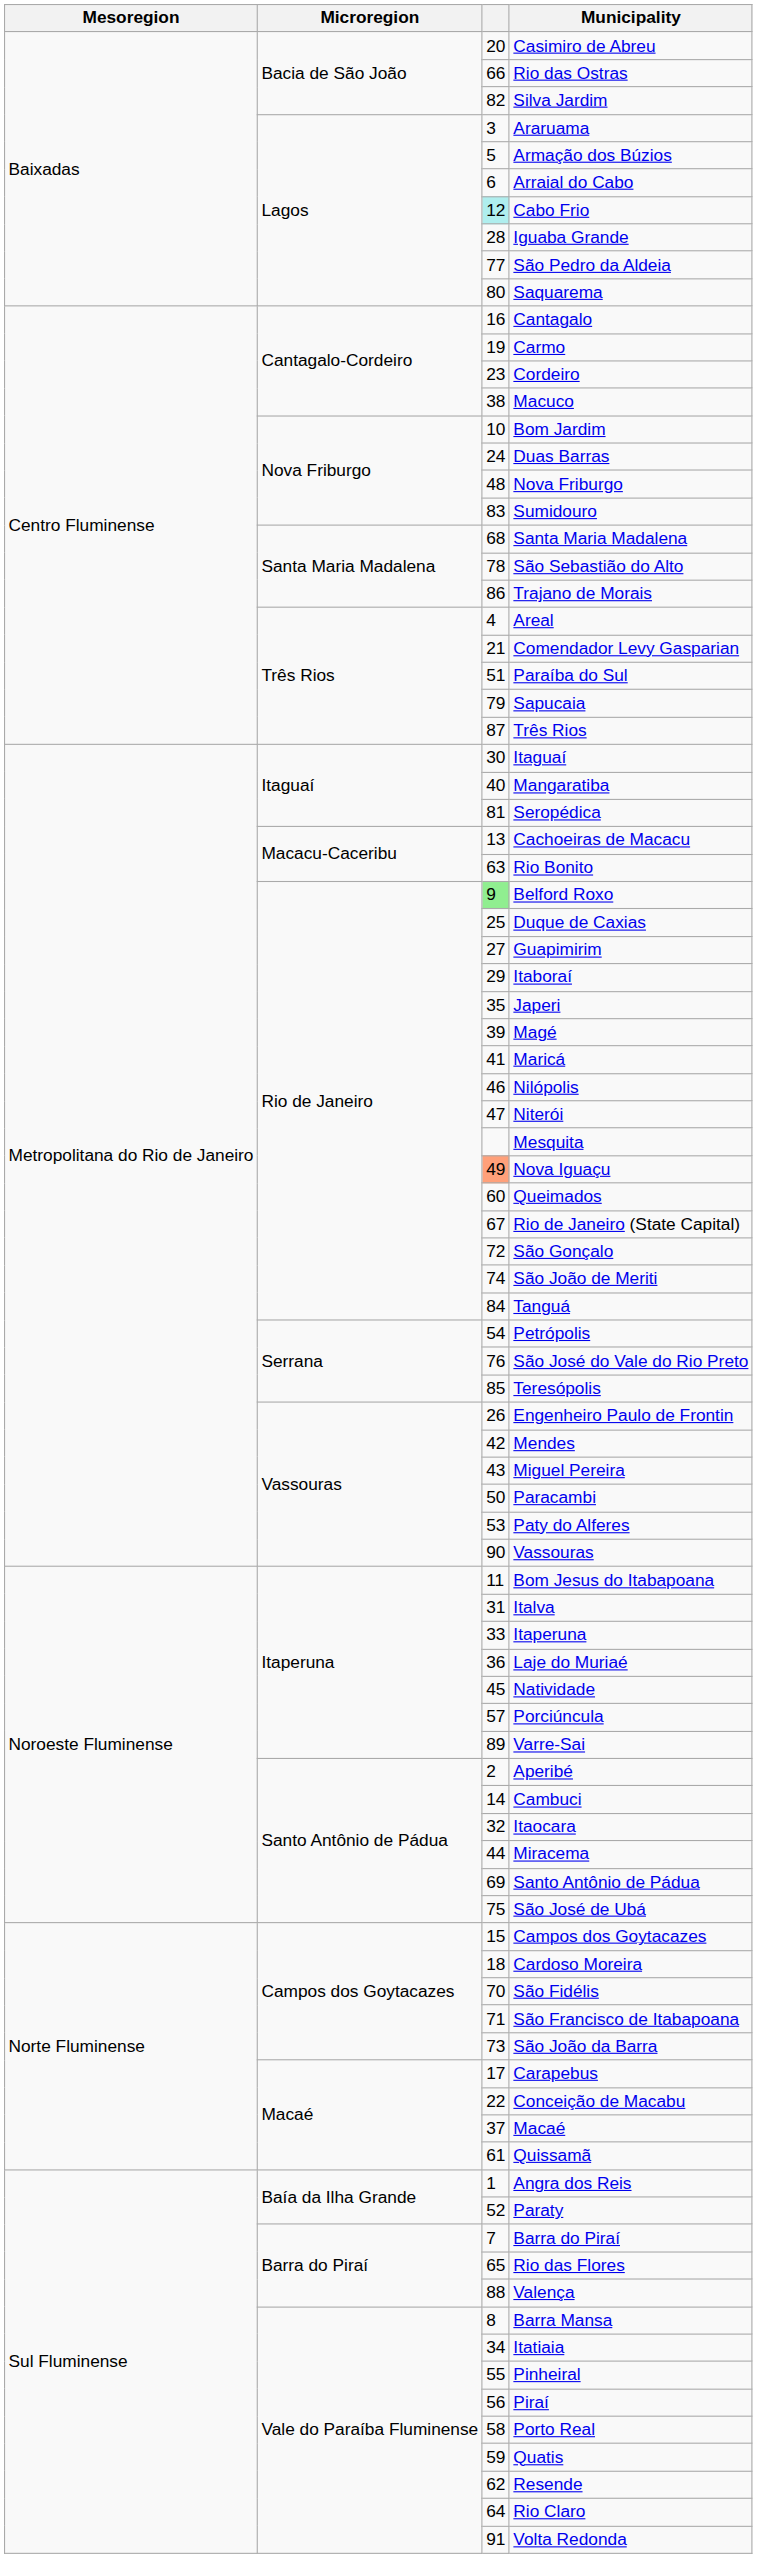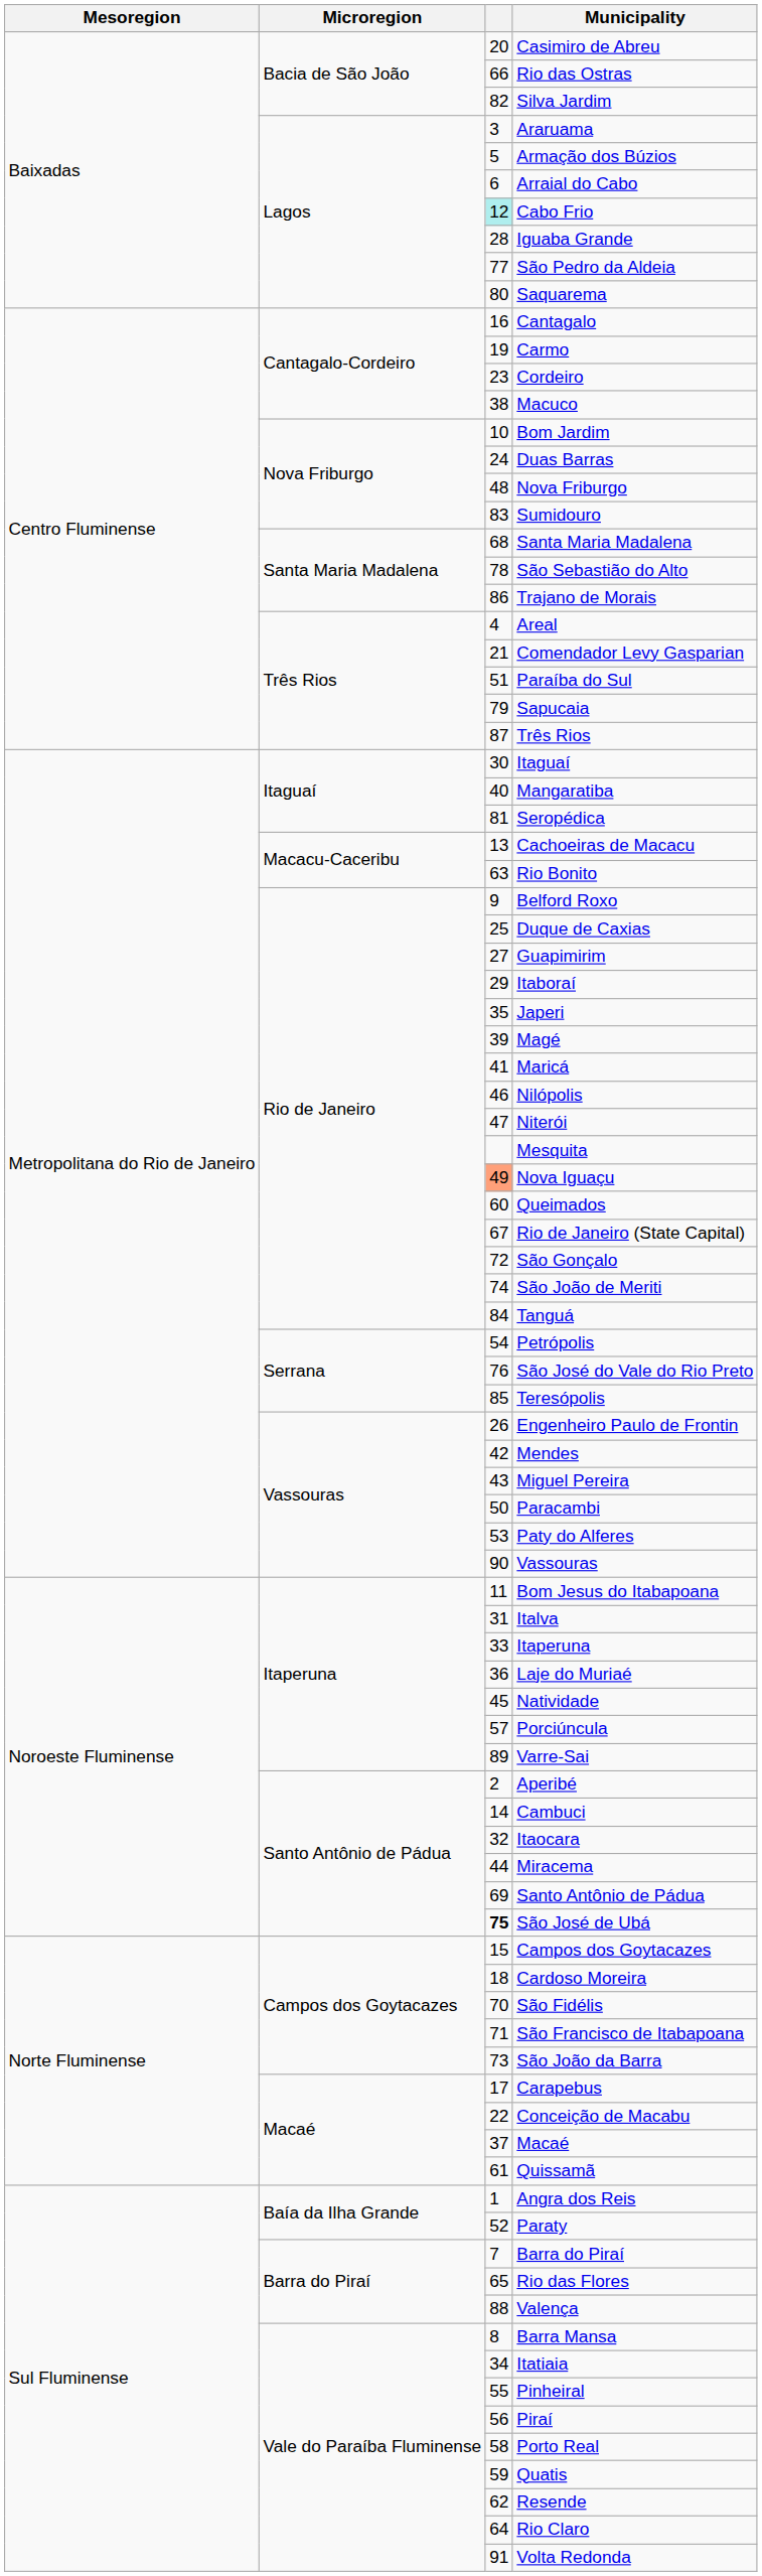 <table class="wikitable sortable">
 <tr>
 <th>Mesoregion</th>
 <th>Microregion</th>
 <th></th>
 <th>Municipality</th>
 </tr>
 <tr id="Baixadas">
 <td rowspan=10>Baixadas</td>
 <td rowspan=3>Bacia de São João</td>
 <td>20</td>
 <td><a href='#'>Casimiro de Abreu</a></td>
 </tr>
 <tr>
 <td>66</td>
 <td><a href='#'>Rio das Ostras</a></td>
 </tr>
 <tr>
 <td>82</td>
 <td><a href='#'>Silva Jardim</a></td>
 </tr>
 <tr>
 <td rowspan=7>Lagos</td>
 <td>3</td>
 <td><a href='#'>Araruama</a></td>
 </tr>
 <tr>
 <td>5</td>
 <td><a href='#'>Armação dos Búzios</a></td>
 </tr>
 <tr>
 <td>6</td>
 <td><a href='#'>Arraial do Cabo</a></td>
 </tr>
 <tr>
 <td style="background: paleturquoise;">12</td>
 <td><a href='#'>Cabo Frio</a></td>
 </tr>
 <tr>
 <td>28</td>
 <td><a href='#'>Iguaba Grande</a></td>
 </tr>
 <tr>
 <td>77</td>
 <td><a href='#'>São Pedro da Aldeia</a></td>
 </tr>
 <tr>
 <td>80</td>
 <td><a href='#'>Saquarema</a></td>
 </tr>
 <tr id="Centro Fluminense">
 <td rowspan=16>Centro Fluminense</td>
 <td rowspan=4>Cantagalo-Cordeiro</td>
 <td>16</td>
 <td><a href='#'>Cantagalo</a></td>
 </tr>
 <tr>
 <td>19</td>
 <td><a href='#'>Carmo</a></td>
 </tr>
 <tr>
 <td>23</td>
 <td><a href='#'>Cordeiro</a></td>
 </tr>
 <tr>
 <td>38</td>
 <td><a href='#'>Macuco</a></td>
 </tr>
 <tr>
 <td rowspan=4>Nova Friburgo</td>
 <td>10</td>
 <td><a href='#'>Bom Jardim</a></td>
 </tr>
 <tr>
 <td>24</td>
 <td><a href='#'>Duas Barras</a></td>
 </tr>
 <tr>
 <td>48</td>
 <td><a href='#'>Nova Friburgo</a></td>
 </tr>
 <tr>
 <td>83</td>
 <td><a href='#'>Sumidouro</a></td>
 </tr>
 <tr>
 <td rowspan=3>Santa Maria Madalena</td>
 <td>68</td>
 <td><a href='#'>Santa Maria Madalena</a></td>
 </tr>
 <tr>
 <td>78</td>
 <td><a href='#'>São Sebastião do Alto</a></td>
 </tr>
 <tr>
 <td>86</td>
 <td><a href='#'>Trajano de Morais</a></td>
 </tr>
 <tr>
 <td rowspan=5>Três Rios</td>
 <td>4</td>
 <td><a href='#'>Areal</a></td>
 </tr>
 <tr>
 <td>21</td>
 <td><a href='#'>Comendador Levy Gasparian</a></td>
 </tr>
 <tr>
 <td>51</td>
 <td><a href='#'>Paraíba do Sul</a></td>
 </tr>
 <tr>
 <td>79</td>
 <td><a href='#'>Sapucaia</a></td>
 </tr>
 <tr>
 <td>87</td>
 <td><a href='#'>Três Rios</a></td>
 </tr>
 <tr id="Metropolitana do Rio de Janeiro">
 <td rowspan=30>Metropolitana do Rio de Janeiro</td>
 <td rowspan=3>Itaguaí</td>
 <td>30</td>
 <td><a href='#'>Itaguaí</a></td>
 </tr>
 <tr>
 <td>40</td>
 <td><a href='#'>Mangaratiba</a></td>
 </tr>
 <tr>
 <td>81</td>
 <td><a href='#'>Seropédica</a></td>
 </tr>
 <tr>
 <td rowspan=2>Macacu-Caceribu</td>
 <td>13</td>
 <td><a href='#'>Cachoeiras de Macacu</a></td>
 </tr>
 <tr>
 <td>63</td>
 <td><a href='#'>Rio Bonito</a></td>
 </tr>
 <tr>
 <td rowspan=16>Rio de Janeiro</td>
-<td style="background: lightgreen;">9</td>
+<td>9</td>
 <td><a href='#'>Belford Roxo</a></td>
 </tr>
 <tr>
 <td>25</td>
 <td><a href='#'>Duque de Caxias</a></td>
 </tr>
 <tr>
 <td>27</td>
 <td><a href='#'>Guapimirim</a></td>
 </tr>
 <tr>
 <td>29</td>
 <td><a href='#'>Itaboraí</a></td>
 </tr>
 <tr>
 <td>35</td>
 <td><a href='#'>Japeri</a></td>
 </tr>
 <tr>
 <td>39</td>
 <td><a href='#'>Magé</a></td>
 </tr>
 <tr>
 <td>41</td>
 <td><a href='#'>Maricá</a></td>
 </tr>
 <tr>
 <td>46</td>
 <td><a href='#'>Nilópolis</a></td>
 </tr>
 <tr>
 <td>47</td>
 <td><a href='#'>Niterói</a></td>
 </tr>
 <tr>
 <td></td>
 <td><a href='#'>Mesquita</a></td>
 </tr>
 <tr>
 <td style="background: lightsalmon;">49</td>
 <td><a href='#'>Nova Iguaçu</a></td>
 </tr>
 <tr>
 <td>60</td>
 <td><a href='#'>Queimados</a></td>
 </tr>
 <tr>
 <td>67</td>
 <td><a href='#'>Rio de Janeiro</a> (State Capital)</td>
 </tr>
 <tr>
 <td>72</td>
 <td><a href='#'>São Gonçalo</a></td>
 </tr>
 <tr>
 <td>74</td>
 <td><a href='#'>São João de Meriti</a></td>
 </tr>
 <tr>
 <td>84</td>
 <td><a href='#'>Tanguá</a></td>
 </tr>
 <tr>
 <td rowspan=3>Serrana</td>
 <td>54</td>
 <td><a href='#'>Petrópolis</a></td>
 </tr>
 <tr>
 <td>76</td>
 <td><a href='#'>São José do Vale do Rio Preto</a></td>
 </tr>
 <tr>
 <td>85</td>
 <td><a href='#'>Teresópolis</a></td>
 </tr>
 <tr>
 <td rowspan=6>Vassouras</td>
 <td>26</td>
 <td><a href='#'>Engenheiro Paulo de Frontin</a></td>
 </tr>
 <tr>
 <td>42</td>
 <td><a href='#'>Mendes</a></td>
 </tr>
 <tr>
 <td>43</td>
 <td><a href='#'>Miguel Pereira</a></td>
 </tr>
 <tr>
 <td>50</td>
 <td><a href='#'>Paracambi</a></td>
 </tr>
 <tr>
 <td>53</td>
 <td><a href='#'>Paty do Alferes</a></td>
 </tr>
 <tr>
 <td>90</td>
 <td><a href='#'>Vassouras</a></td>
 </tr>
 <tr id="Noroeste Fluminense">
 <td rowspan=13>Noroeste Fluminense</td>
 <td rowspan=7>Itaperuna</td>
 <td>11</td>
 <td><a href='#'>Bom Jesus do Itabapoana</a></td>
 </tr>
 <tr>
 <td>31</td>
 <td><a href='#'>Italva</a></td>
 </tr>
 <tr>
 <td>33</td>
 <td><a href='#'>Itaperuna</a></td>
 </tr>
 <tr>
 <td>36</td>
 <td><a href='#'>Laje do Muriaé</a></td>
 </tr>
 <tr>
 <td>45</td>
 <td><a href='#'>Natividade</a></td>
 </tr>
 <tr>
 <td>57</td>
 <td><a href='#'>Porciúncula</a></td>
 </tr>
 <tr>
 <td>89</td>
 <td><a href='#'>Varre-Sai</a></td>
 </tr>
 <tr>
 <td rowspan=6>Santo Antônio de Pádua</td>
 <td>2</td>
 <td><a href='#'>Aperibé</a></td>
 </tr>
 <tr>
 <td>14</td>
 <td><a href='#'>Cambuci</a></td>
 </tr>
 <tr>
 <td>32</td>
 <td><a href='#'>Itaocara</a></td>
 </tr>
 <tr>
 <td>44</td>
 <td><a href='#'>Miracema</a></td>
 </tr>
 <tr>
 <td>69</td>
 <td><a href='#'>Santo Antônio de Pádua</a></td>
 </tr>
 <tr>
-<td>75</td>
+<td><strong>75</strong></td>
 <td><a href='#'>São José de Ubá</a></td>
 </tr>
 <tr id="Norte Fluminense">
 <td rowspan=9>Norte Fluminense</td>
 <td rowspan=5>Campos dos Goytacazes</td>
 <td>15</td>
 <td><a href='#'>Campos dos Goytacazes</a></td>
 </tr>
 <tr>
 <td>18</td>
 <td><a href='#'>Cardoso Moreira</a></td>
 </tr>
 <tr>
 <td>70</td>
 <td><a href='#'>São Fidélis</a></td>
 </tr>
 <tr>
 <td>71</td>
 <td><a href='#'>São Francisco de Itabapoana</a></td>
 </tr>
 <tr>
 <td>73</td>
 <td><a href='#'>São João da Barra</a></td>
 </tr>
 <tr>
 <td rowspan=4>Macaé</td>
 <td>17</td>
 <td><a href='#'>Carapebus</a></td>
 </tr>
 <tr>
 <td>22</td>
 <td><a href='#'>Conceição de Macabu</a></td>
 </tr>
 <tr>
 <td>37</td>
 <td><a href='#'>Macaé</a></td>
 </tr>
 <tr>
 <td>61</td>
 <td><a href='#'>Quissamã</a></td>
 </tr>
 <tr id="Sul Fluminense">
 <td rowspan=14>Sul Fluminense</td>
 <td rowspan=2>Baía da Ilha Grande</td>
 <td>1</td>
 <td><a href='#'>Angra dos Reis</a></td>
 </tr>
 <tr>
 <td>52</td>
 <td><a href='#'>Paraty</a></td>
 </tr>
 <tr>
 <td rowspan=3>Barra do Piraí</td>
 <td>7</td>
 <td><a href='#'>Barra do Piraí</a></td>
 </tr>
 <tr>
 <td>65</td>
 <td><a href='#'>Rio das Flores</a></td>
 </tr>
 <tr>
 <td>88</td>
 <td><a href='#'>Valença</a></td>
 </tr>
 <tr>
 <td rowspan=9>Vale do Paraíba Fluminense</td>
 <td>8</td>
 <td><a href='#'>Barra Mansa</a></td>
 </tr>
 <tr>
 <td>34</td>
 <td><a href='#'>Itatiaia</a></td>
 </tr>
 <tr>
 <td>55</td>
 <td><a href='#'>Pinheiral</a></td>
 </tr>
 <tr>
 <td>56</td>
 <td><a href='#'>Piraí</a></td>
 </tr>
 <tr>
 <td>58</td>
 <td><a href='#'>Porto Real</a></td>
 </tr>
 <tr>
 <td>59</td>
 <td><a href='#'>Quatis</a></td>
 </tr>
 <tr>
 <td>62</td>
 <td><a href='#'>Resende</a></td>
 </tr>
 <tr>
 <td>64</td>
 <td><a href='#'>Rio Claro</a></td>
 </tr>
 <tr>
 <td>91</td>
 <td><a href='#'>Volta Redonda</a></td>
 </tr>
 </table>
